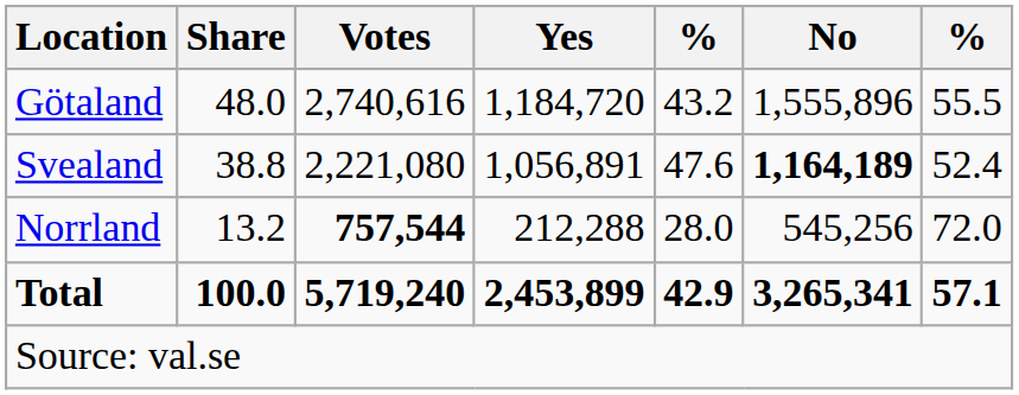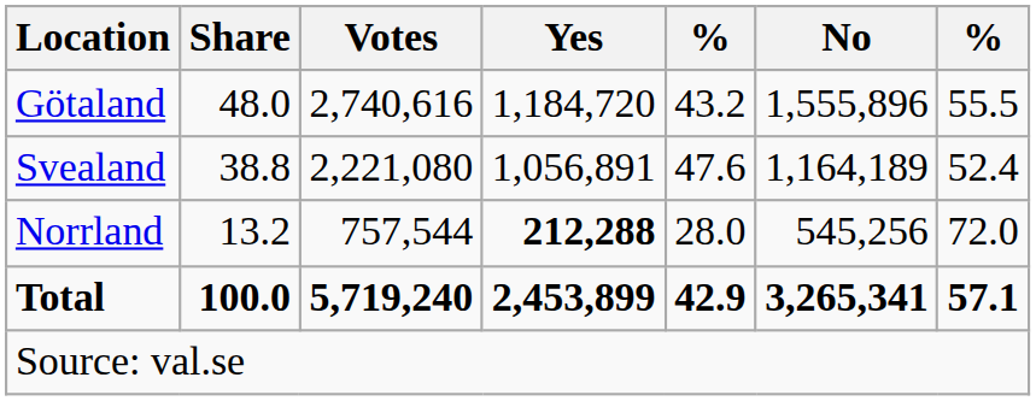 <table class="wikitable sortable" style=text-align:right>
 <tr>
 <th>Location</th>
 <th>Share</th>
 <th>Votes</th>
 <th>Yes</th>
 <th>%</th>
 <th>No</th>
 <th>%</th>
 </tr>
 <tr>
 <td align=left><a href='#'>Götaland</a></td>
 <td>48.0</td>
 <td>2,740,616</td>
 <td>1,184,720</td>
 <td>43.2</td>
 <td>1,555,896</td>
 <td>55.5</td>
 </tr>
 <tr>
 <td align=left><a href='#'>Svealand</a></td>
 <td>38.8</td>
 <td>2,221,080</td>
 <td>1,056,891</td>
 <td>47.6</td>
-<td><strong>1,164,189</strong></td>
+<td>1,164,189</td>
 <td>52.4</td>
 </tr>
 <tr>
 <td align=left><a href='#'>Norrland</a></td>
 <td>13.2</td>
-<td><strong>757,544</strong></td>
-<td>212,288</td>
+<td>757,544</td>
+<td><strong>212,288</strong></td>
 <td>28.0</td>
 <td>545,256</td>
 <td>72.0</td>
 </tr>
 <tr>
 <td align=left><strong>Total</strong></td>
 <td><strong>100.0</strong></td>
 <td><strong>5,719,240</strong></td>
 <td><strong>2,453,899</strong></td>
 <td><strong>42.9</strong></td>
 <td><strong>3,265,341</strong></td>
 <td><strong>57.1</strong></td>
 </tr>
 <tr>
 <td align=left colspan=7>Source: val.se </td>
 </tr>
 </table>
